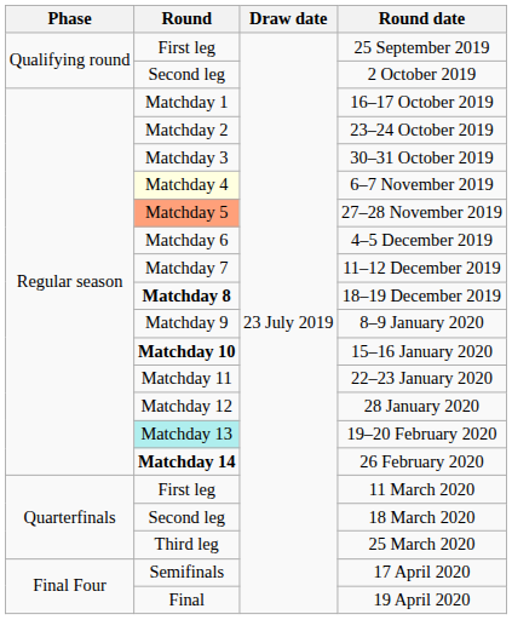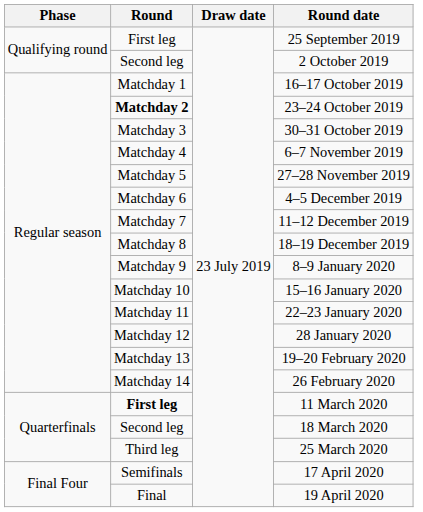 <table class="wikitable" style="text-align:center">
 <tr>
 <th>Phase</th>
 <th>Round</th>
 <th>Draw date</th>
 <th>Round date</th>
 </tr>
 <tr>
 <td rowspan=2>Qualifying round</td>
 <td>First leg</td>
 <td rowspan=21>23 July 2019</td>
 <td>25 September 2019</td>
 </tr>
 <tr>
 <td>Second leg</td>
 <td>2 October 2019</td>
 </tr>
 <tr>
 <td rowspan=14>Regular season</td>
 <td>Matchday 1</td>
 <td>16–17 October 2019</td>
 </tr>
 <tr>
-<td>Matchday 2</td>
+<td><strong>Matchday 2</strong></td>
 <td>23–24 October 2019</td>
 </tr>
 <tr>
 <td>Matchday 3</td>
 <td>30–31 October 2019</td>
 </tr>
 <tr>
-<td style="background: lightyellow;">Matchday 4</td>
+<td>Matchday 4</td>
 <td>6–7 November 2019</td>
 </tr>
 <tr>
-<td style="background: lightsalmon;">Matchday 5</td>
+<td>Matchday 5</td>
 <td>27–28 November 2019</td>
 </tr>
 <tr>
 <td>Matchday 6</td>
 <td>4–5 December 2019</td>
 </tr>
 <tr>
 <td>Matchday 7</td>
 <td>11–12 December 2019</td>
 </tr>
 <tr>
-<td><strong>Matchday 8</strong></td>
+<td>Matchday 8</td>
 <td>18–19 December 2019</td>
 </tr>
 <tr>
 <td>Matchday 9</td>
 <td>8–9 January 2020</td>
 </tr>
 <tr>
-<td><strong>Matchday 10</strong></td>
+<td>Matchday 10</td>
 <td>15–16 January 2020</td>
 </tr>
 <tr>
 <td>Matchday 11</td>
 <td>22–23 January 2020</td>
 </tr>
 <tr>
 <td>Matchday 12</td>
 <td>28 January 2020</td>
 </tr>
 <tr>
-<td style="background: paleturquoise;">Matchday 13</td>
+<td>Matchday 13</td>
 <td>19–20 February 2020</td>
 </tr>
 <tr>
-<td><strong>Matchday 14</strong></td>
+<td>Matchday 14</td>
 <td>26 February 2020</td>
 </tr>
 <tr>
 <td rowspan=3>Quarterfinals</td>
-<td>First leg</td>
+<td><strong>First leg</strong></td>
 <td>11 March 2020</td>
 </tr>
 <tr>
 <td>Second leg</td>
 <td>18 March 2020</td>
 </tr>
 <tr>
 <td>Third leg</td>
 <td>25 March 2020</td>
 </tr>
 <tr>
 <td rowspan=2>Final Four</td>
 <td>Semifinals</td>
 <td>17 April 2020</td>
 </tr>
 <tr>
 <td>Final</td>
 <td>19 April 2020</td>
 </tr>
 </table>
